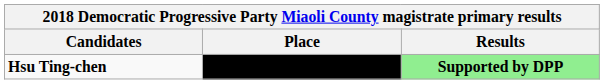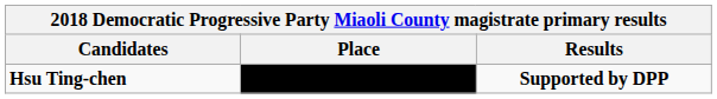 <table class="wikitable collapsible">
 <tr>
 <th colspan="5" width=600>2018 Democratic Progressive Party <a href='#'>Miaoli County</a> magistrate primary results</th>
 </tr>
 <tr>
 <th width=80>Candidates</th>
 <th width=80>Place</th>
 <th width=80>Results</th>
 </tr>
 <tr>
 <td><strong>Hsu Ting-chen</strong></td>
 <td style="background: #000000; text-align:center"></td>
-<td style="background: lightgreen; text-align:center"><strong>Supported by DPP</strong></td>
+<td style="text-align:center"><strong>Supported by DPP</strong></td>
 </tr>
 </table>
